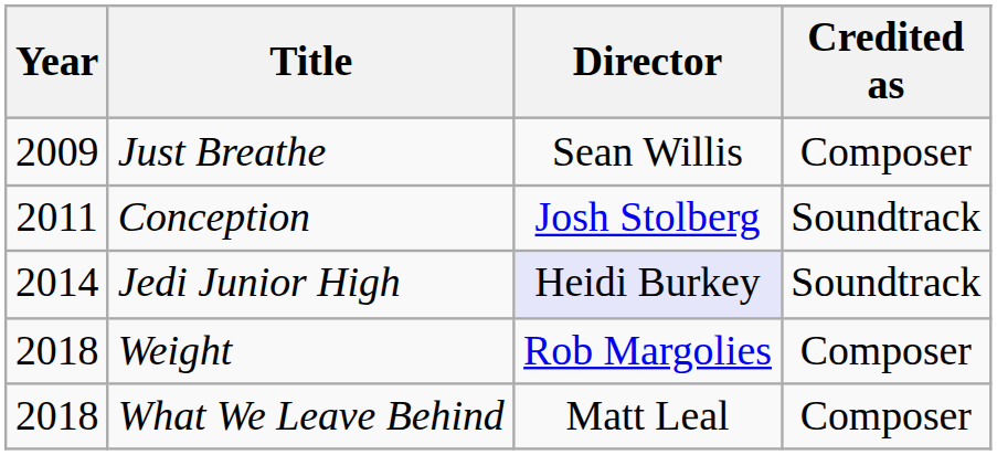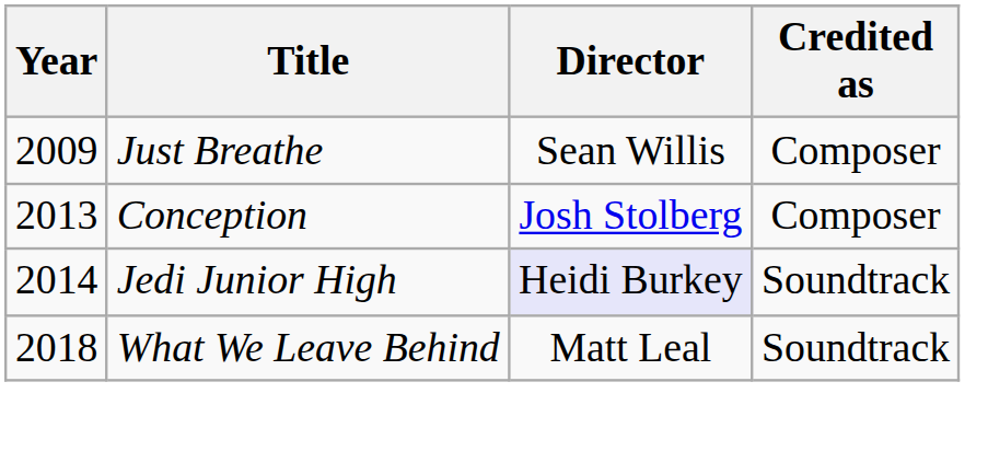 <table class="wikitable" style="text-align:center; margin-center:auto; margin-center:auto">
 <tr>
 <th rowspan="2">Year</th>
 <th rowspan="2">Title</th>
 <th rowspan="2">Director</th>
 </tr>
 <tr>
 <th width=65>Credited as</th>
 </tr>
 <tr>
 <td>2009</td>
 <td style="text-align:left;"><em>Just Breathe</em></td>
 <td>Sean Willis</td>
 <td>Composer</td>
 </tr>
 <tr>
-<td>2011</td>
+<td>2013</td>
 <td style="text-align:left;"><em>Conception</em></td>
 <td><a href='#'>Josh Stolberg</a></td>
-<td>Soundtrack</td>
+<td>Composer</td>
 </tr>
 <tr>
 <td>2014</td>
 <td style="text-align:left;"><em>Jedi Junior High</em></td>
 <td style="background: lavender;">Heidi Burkey</td>
 <td>Soundtrack</td>
 </tr>
 <tr>
 <td>2018</td>
-<td style="text-align:left;"><em>Weight</em></td>
-<td><a href='#'>Rob Margolies</a></td>
-<td>Composer</td>
-</tr>
-<tr>
-<td>2018</td>
 <td style="text-align:left;"><em>What We Leave Behind</em></td>
 <td>Matt Leal</td>
-<td>Composer</td>
+<td>Soundtrack</td>
 </tr>
 </table>
